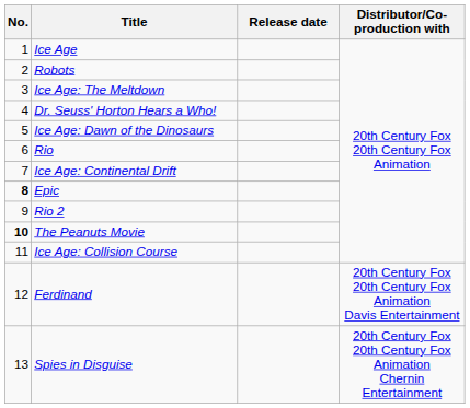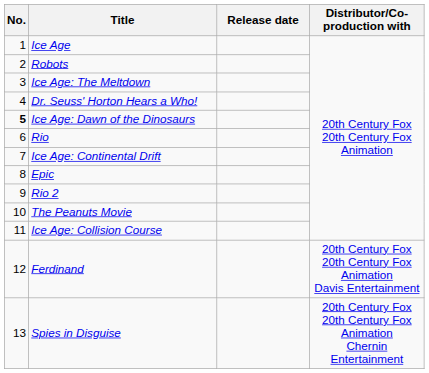 <table class="wikitable sortable" style="text-align: right;">
 <tr>
 <th width="9">No.</th>
 <th width="250">Title</th>
 <th width=120>Release date</th>
 <th width=150>Distributor/Co-production with</th>
 </tr>
 <tr>
 <td>1</td>
 <td style="text-align:left;"><em><a href='#'>Ice Age</a></em></td>
 <td style="text-align:center;"></td>
 <td rowspan="11" style="text-align:center;"><a href='#'>20th Century Fox</a><br><a href='#'>20th Century Fox Animation</a></td>
 </tr>
 <tr>
 <td>2</td>
 <td style="text-align:left;"><em><a href='#'>Robots</a></em></td>
 <td style="text-align:center;"></td>
 </tr>
 <tr>
 <td>3</td>
 <td style="text-align:left;"><em><a href='#'>Ice Age: The Meltdown</a></em></td>
 <td style="text-align:center;"></td>
 </tr>
 <tr>
 <td>4</td>
 <td style="text-align:left;"><em><a href='#'>Dr. Seuss' Horton Hears a Who!</a></em></td>
 <td style="text-align:center;"></td>
 </tr>
 <tr>
-<td>5</td>
+<td><strong>5</strong></td>
 <td style="text-align:left;"><em><a href='#'>Ice Age: Dawn of the Dinosaurs</a></em></td>
 <td style="text-align:center;"></td>
 </tr>
 <tr>
 <td>6</td>
 <td style="text-align:left;"><em><a href='#'>Rio</a></em></td>
 <td style="text-align:center;"></td>
 </tr>
 <tr>
 <td>7</td>
 <td style="text-align:left;"><em><a href='#'>Ice Age: Continental Drift</a></em></td>
 <td style="text-align:center;"></td>
 </tr>
 <tr>
-<td><strong>8</strong></td>
+<td>8</td>
 <td style="text-align:left;"><em><a href='#'>Epic</a></em></td>
 <td style="text-align:center;"></td>
 </tr>
 <tr>
 <td>9</td>
 <td style="text-align:left;"><em><a href='#'>Rio 2</a></em></td>
 <td style="text-align:center;"></td>
 </tr>
 <tr>
-<td><strong>10</strong></td>
+<td>10</td>
 <td style="text-align:left;"><em><a href='#'>The Peanuts Movie</a></em></td>
 <td style="text-align:center;"></td>
 </tr>
 <tr>
 <td>11</td>
 <td style="text-align:left;"><em><a href='#'>Ice Age: Collision Course</a></em></td>
 <td style="text-align:center;"></td>
 </tr>
 <tr>
 <td>12</td>
 <td style="text-align:left;"><em><a href='#'>Ferdinand</a></em></td>
 <td style="text-align:center;"></td>
 <td style="text-align:center;"><a href='#'>20th Century Fox</a><br><a href='#'>20th Century Fox Animation</a><br><a href='#'>Davis Entertainment</a></td>
 </tr>
 <tr>
 <td>13</td>
 <td style="text-align:left;"><em><a href='#'>Spies in Disguise</a></em></td>
 <td style="text-align:center;"></td>
 <td style="text-align:center;"><a href='#'>20th Century Fox</a><br><a href='#'>20th Century Fox Animation</a><br><a href='#'>Chernin Entertainment</a></td>
 </tr>
 </table>
